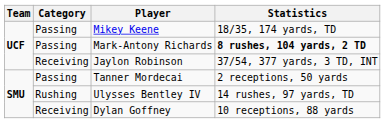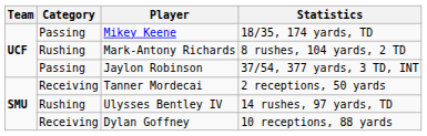 <table class="wikitable" style="float: left;">
 <tr>
 <th>Team</th>
 <th>Category</th>
 <th>Player</th>
 <th>Statistics</th>
 </tr>
 <tr>
 <td rowspan=3><strong>UCF</strong></td>
 <td>Passing</td>
 <td><a href='#'>Mikey Keene</a></td>
 <td>18/35, 174 yards, TD</td>
 </tr>
 <tr>
-<td>Passing</td>
+<td>Rushing</td>
 <td>Mark-Antony Richards</td>
-<td><strong>8 rushes, 104 yards, 2 TD</strong></td>
+<td>8 rushes, 104 yards, 2 TD</td>
 </tr>
 <tr>
-<td>Receiving</td>
+<td>Passing</td>
 <td>Jaylon Robinson</td>
 <td>37/54, 377 yards, 3 TD, INT</td>
 </tr>
 <tr>
 <td rowspan=3><strong>SMU</strong></td>
-<td>Passing</td>
+<td>Receiving</td>
 <td>Tanner Mordecai</td>
 <td>2 receptions, 50 yards</td>
 </tr>
 <tr>
 <td>Rushing</td>
 <td>Ulysses Bentley IV</td>
 <td>14 rushes, 97 yards, TD</td>
 </tr>
 <tr>
 <td>Receiving</td>
 <td>Dylan Goffney</td>
 <td>10 receptions, 88 yards</td>
 </tr>
 </table>
